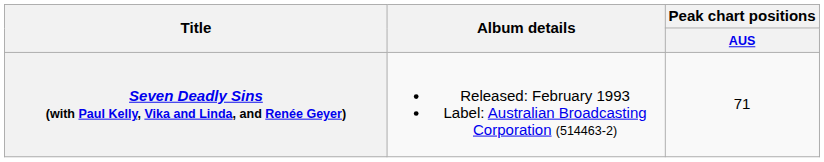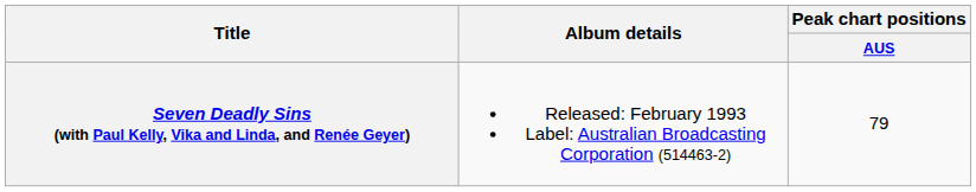 <table class="wikitable plainrowheaders" style="text-align:center;">
 <tr>
 <th scope="col" rowspan="2" style="width:25em;">Title</th>
 <th scope="col" rowspan="2" style="width:18em;">Album details</th>
 <th colspan="1">Peak chart positions</th>
 </tr>
 <tr>
 <th scope="col" style="text-align:center;"><small><a href='#'>AUS</a><br></small></th>
 </tr>
 <tr>
 <th scope="row"><em><a href='#'>Seven Deadly Sins</a></em><br><small>(with <a href='#'>Paul Kelly</a>, <a href='#'>Vika and Linda</a>, and <a href='#'>Renée Geyer</a>)</small></th>
 <td><br><ul><li>Released: February 1993</li><li>Label: <a href='#'>Australian Broadcasting Corporation</a> <small>(514463-2)</small></li></ul></td>
-<td>71</td>
+<td>79</td>
 </tr>
 </table>
